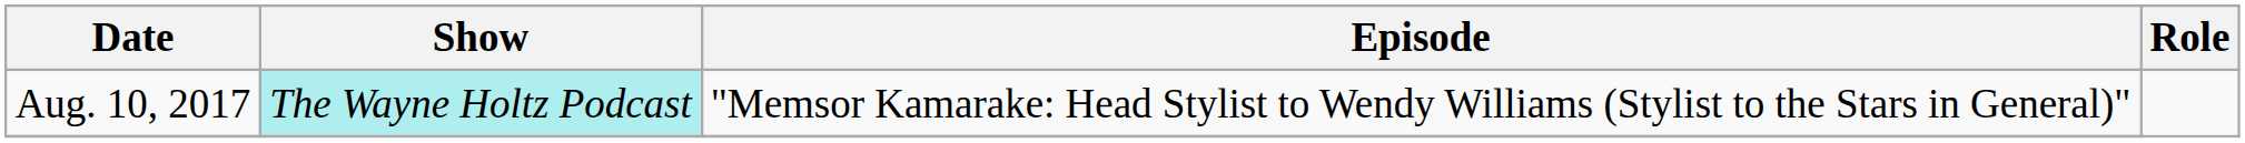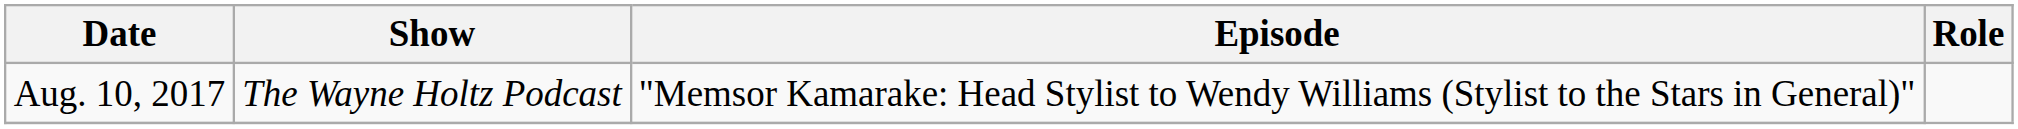 <table class="wikitable">
 <tr>
 <th>Date</th>
 <th>Show</th>
 <th>Episode</th>
 <th>Role</th>
 </tr>
 <tr>
 <td>Aug. 10, 2017</td>
-<td style="background: paleturquoise;"><em>The Wayne Holtz Podcast</em></td>
+<td><em>The Wayne Holtz Podcast</em></td>
 <td>"Memsor Kamarake: Head Stylist to Wendy Williams (Stylist to the Stars in General)"</td>
 </tr>
 <tr>
 </tr>
 </table>
